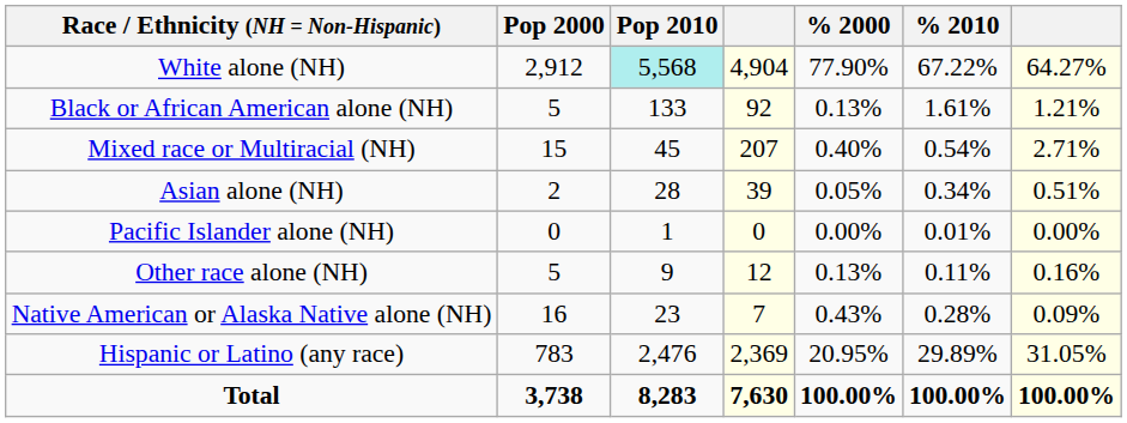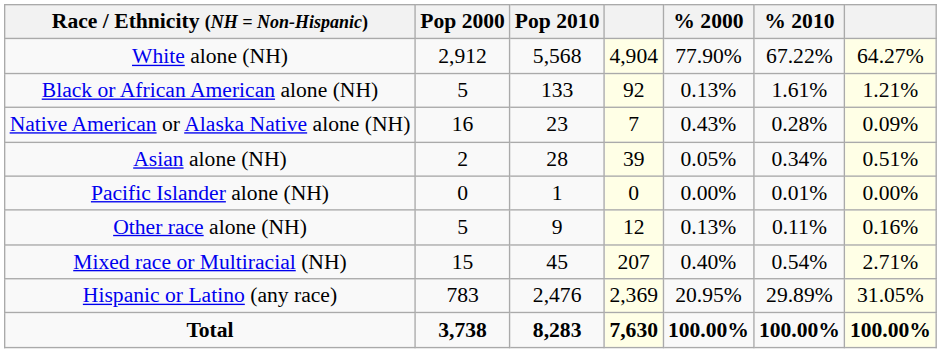 <table class="wikitable" style="text-align:center;">
 <tr>
 <th>Race / Ethnicity <small>(<em>NH = Non-Hispanic</em>)</small></th>
 <th>Pop 2000</th>
 <th>Pop 2010</th>
 <th></th>
 <th>% 2000</th>
 <th>% 2010</th>
 <th></th>
 </tr>
 <tr>
 <td><a href='#'>White</a> alone (NH)</td>
 <td>2,912</td>
-<td style="background: paleturquoise;">5,568</td>
+<td>5,568</td>
 <td style='background: #ffffe6;'>4,904</td>
 <td>77.90%</td>
 <td>67.22%</td>
 <td style='background: #ffffe6;'>64.27%</td>
 </tr>
 <tr>
 <td><a href='#'>Black or African American</a> alone (NH)</td>
 <td>5</td>
 <td>133</td>
 <td style='background: #ffffe6;'>92</td>
 <td>0.13%</td>
 <td>1.61%</td>
 <td style='background: #ffffe6;'>1.21%</td>
 </tr>
 <tr>
-<td><a href='#'>Mixed race or Multiracial</a> (NH)</td>
-<td>15</td>
-<td>45</td>
-<td style='background: #ffffe6;'>207</td>
-<td>0.40%</td>
-<td>0.54%</td>
-<td style='background: #ffffe6;'>2.71%</td>
+<td><a href='#'>Native American</a> or <a href='#'>Alaska Native</a> alone (NH)</td>
+<td>16</td>
+<td>23</td>
+<td style='background: #ffffe6;'>7</td>
+<td>0.43%</td>
+<td>0.28%</td>
+<td style='background: #ffffe6;'>0.09%</td>
 </tr>
 <tr>
 <td><a href='#'>Asian</a> alone (NH)</td>
 <td>2</td>
 <td>28</td>
 <td style='background: #ffffe6;'>39</td>
 <td>0.05%</td>
 <td>0.34%</td>
 <td style='background: #ffffe6;'>0.51%</td>
 </tr>
 <tr>
 <td><a href='#'>Pacific Islander</a> alone (NH)</td>
 <td>0</td>
 <td>1</td>
 <td style='background: #ffffe6;'>0</td>
 <td>0.00%</td>
 <td>0.01%</td>
 <td style='background: #ffffe6;'>0.00%</td>
 </tr>
 <tr>
 <td><a href='#'>Other race</a> alone (NH)</td>
 <td>5</td>
 <td>9</td>
 <td style='background: #ffffe6;'>12</td>
 <td>0.13%</td>
 <td>0.11%</td>
 <td style='background: #ffffe6;'>0.16%</td>
 </tr>
 <tr>
-<td><a href='#'>Native American</a> or <a href='#'>Alaska Native</a> alone (NH)</td>
-<td>16</td>
-<td>23</td>
-<td style='background: #ffffe6;'>7</td>
-<td>0.43%</td>
-<td>0.28%</td>
-<td style='background: #ffffe6;'>0.09%</td>
+<td><a href='#'>Mixed race or Multiracial</a> (NH)</td>
+<td>15</td>
+<td>45</td>
+<td style='background: #ffffe6;'>207</td>
+<td>0.40%</td>
+<td>0.54%</td>
+<td style='background: #ffffe6;'>2.71%</td>
 </tr>
 <tr>
 <td><a href='#'>Hispanic or Latino</a> (any race)</td>
 <td>783</td>
 <td>2,476</td>
 <td style='background: #ffffe6;'>2,369</td>
 <td>20.95%</td>
 <td>29.89%</td>
 <td style='background: #ffffe6;'>31.05%</td>
 </tr>
 <tr>
 <td><strong>Total</strong></td>
 <td><strong>3,738</strong></td>
 <td><strong>8,283</strong></td>
 <td style='background: #ffffe6;'><strong>7,630</strong></td>
 <td><strong>100.00%</strong></td>
 <td><strong>100.00%</strong></td>
 <td style='background: #ffffe6;'><strong>100.00%</strong></td>
 </tr>
 </table>
